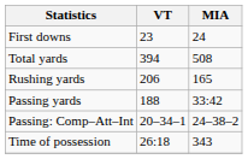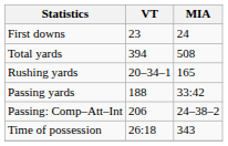 <table class="wikitable" style="float: left;">
 <tr>
 <th>Statistics</th>
 <th>VT</th>
 <th>MIA</th>
 </tr>
 <tr>
 <td>First downs</td>
 <td>23</td>
 <td>24</td>
 </tr>
 <tr>
 <td>Total yards</td>
 <td>394</td>
 <td>508</td>
 </tr>
 <tr>
 <td>Rushing yards</td>
-<td>206</td>
+<td>20–34–1</td>
 <td>165</td>
 </tr>
 <tr>
 <td>Passing yards</td>
 <td>188</td>
 <td>33:42</td>
 </tr>
 <tr>
 <td>Passing: Comp–Att–Int</td>
-<td>20–34–1</td>
+<td>206</td>
 <td>24–38–2</td>
 </tr>
 <tr>
 <td>Time of possession</td>
 <td>26:18</td>
 <td>343</td>
 </tr>
 <tr>
 </tr>
 </table>
